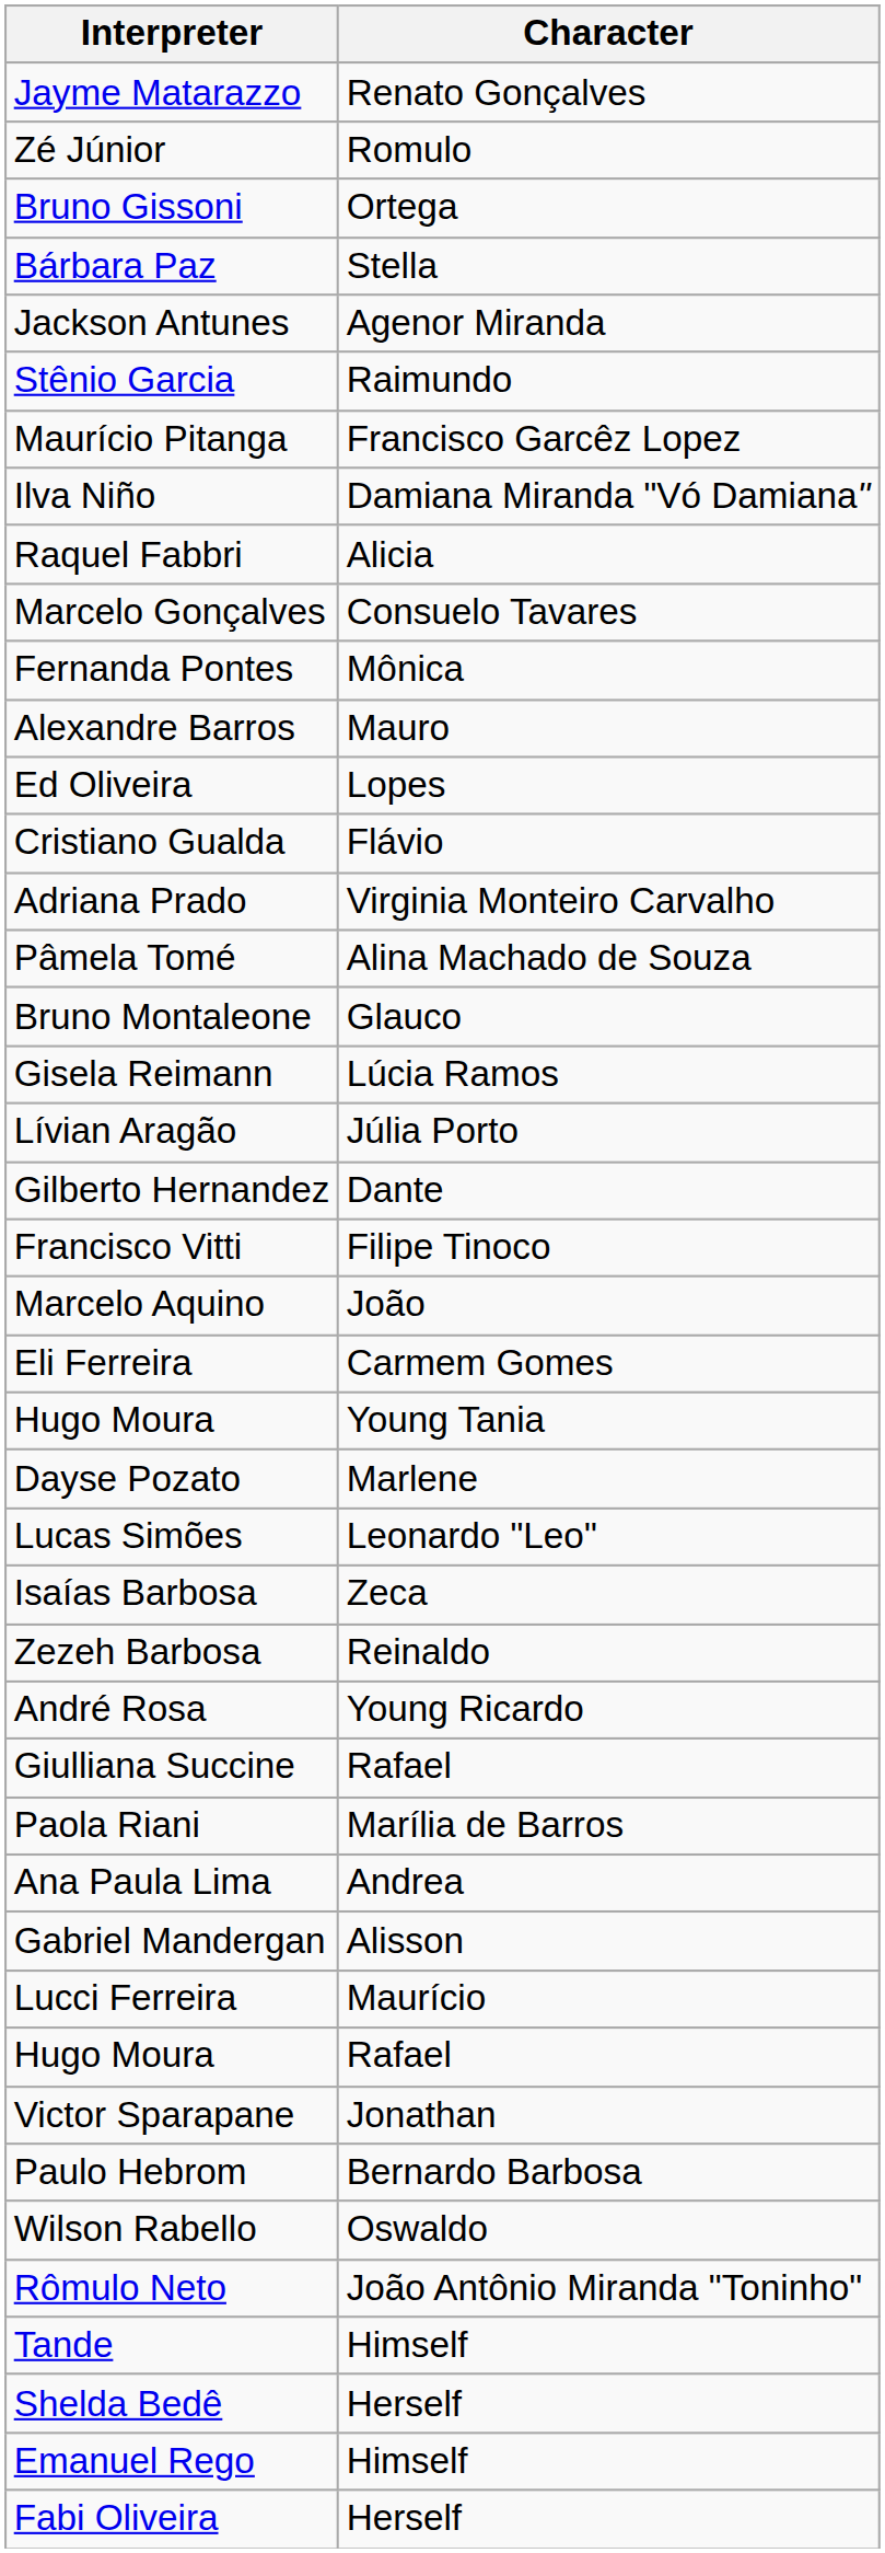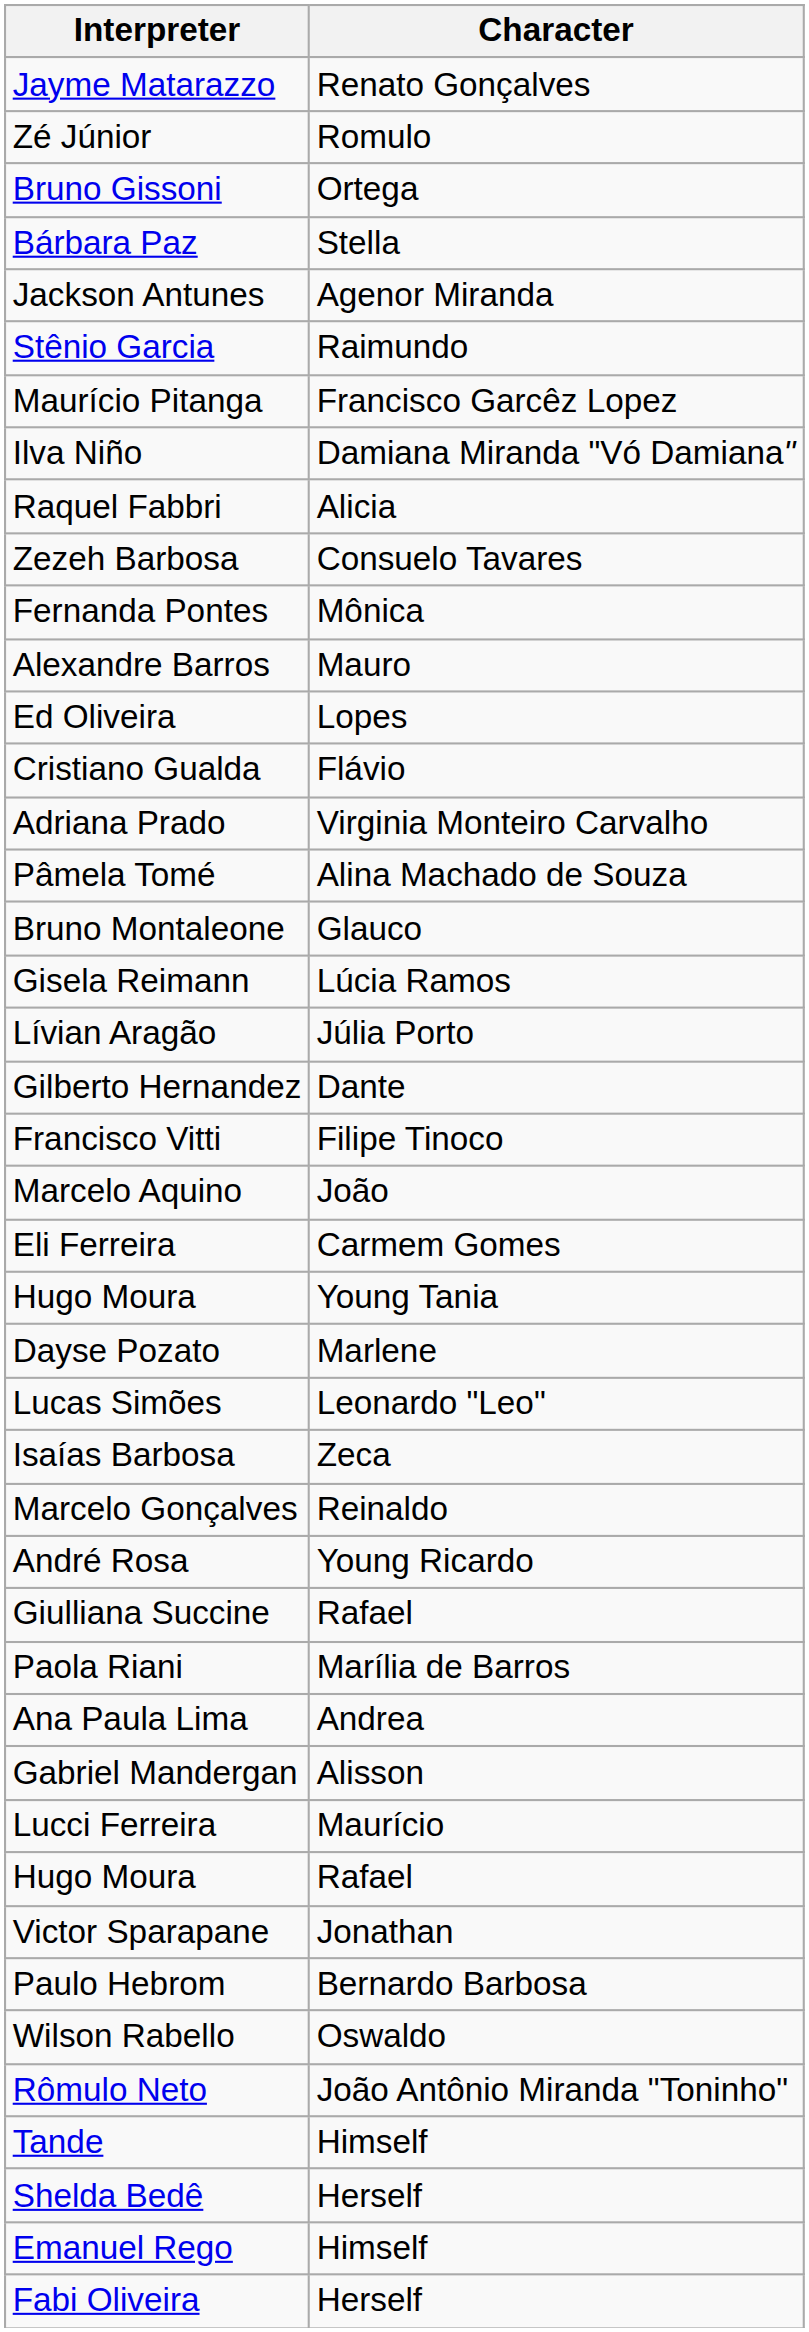 <table class="wikitable">
 <tr>
 <th>Interpreter</th>
 <th>Character</th>
 </tr>
 <tr>
 <td><a href='#'>Jayme Matarazzo</a></td>
 <td>Renato Gonçalves</td>
 </tr>
 <tr>
 <td>Zé Júnior</td>
 <td>Romulo</td>
 </tr>
 <tr>
 <td><a href='#'>Bruno Gissoni</a></td>
 <td>Ortega</td>
 </tr>
 <tr>
 <td><a href='#'>Bárbara Paz</a></td>
 <td>Stella</td>
 </tr>
 <tr>
 <td>Jackson Antunes</td>
 <td>Agenor Miranda</td>
 </tr>
 <tr>
 <td><a href='#'>Stênio Garcia</a></td>
 <td>Raimundo</td>
 </tr>
 <tr>
 <td>Maurício Pitanga</td>
 <td>Francisco Garcêz Lopez</td>
 </tr>
 <tr>
 <td>Ilva Niño</td>
 <td>Damiana Miranda "Vó Damiana<em>"</em></td>
 </tr>
 <tr>
 <td>Raquel Fabbri</td>
 <td>Alicia</td>
 </tr>
 <tr>
-<td>Marcelo Gonçalves</td>
+<td>Zezeh Barbosa</td>
 <td>Consuelo Tavares</td>
 </tr>
 <tr>
 <td>Fernanda Pontes</td>
 <td>Mônica</td>
 </tr>
 <tr>
 <td>Alexandre Barros</td>
 <td>Mauro</td>
 </tr>
 <tr>
 <td>Ed Oliveira</td>
 <td>Lopes</td>
 </tr>
 <tr>
 <td>Cristiano Gualda</td>
 <td>Flávio</td>
 </tr>
 <tr>
 <td>Adriana Prado</td>
 <td>Virginia Monteiro Carvalho</td>
 </tr>
 <tr>
 <td>Pâmela Tomé</td>
 <td>Alina Machado de Souza</td>
 </tr>
 <tr>
 <td>Bruno Montaleone</td>
 <td>Glauco</td>
 </tr>
 <tr>
 <td>Gisela Reimann</td>
 <td>Lúcia Ramos</td>
 </tr>
 <tr>
 <td>Lívian Aragão</td>
 <td>Júlia Porto</td>
 </tr>
 <tr>
 <td>Gilberto Hernandez</td>
 <td>Dante</td>
 </tr>
 <tr>
 <td>Francisco Vitti</td>
 <td>Filipe Tinoco</td>
 </tr>
 <tr>
 <td>Marcelo Aquino</td>
 <td>João</td>
 </tr>
 <tr>
 <td>Eli Ferreira</td>
 <td>Carmem Gomes</td>
 </tr>
 <tr>
 <td>Hugo Moura</td>
 <td>Young Tania</td>
 </tr>
 <tr>
 <td>Dayse Pozato</td>
 <td>Marlene</td>
 </tr>
 <tr>
 <td>Lucas Simões</td>
 <td>Leonardo "Leo"</td>
 </tr>
 <tr>
 <td>Isaías Barbosa</td>
 <td>Zeca</td>
 </tr>
 <tr>
-<td>Zezeh Barbosa</td>
+<td>Marcelo Gonçalves</td>
 <td>Reinaldo</td>
 </tr>
 <tr>
 <td>André Rosa</td>
 <td>Young Ricardo</td>
 </tr>
 <tr>
 <td>Giulliana Succine</td>
 <td>Rafael</td>
 </tr>
 <tr>
 <td>Paola Riani</td>
 <td>Marília de Barros</td>
 </tr>
 <tr>
 <td>Ana Paula Lima</td>
 <td>Andrea</td>
 </tr>
 <tr>
 <td>Gabriel Mandergan</td>
 <td>Alisson</td>
 </tr>
 <tr>
 <td>Lucci Ferreira</td>
 <td>Maurício</td>
 </tr>
 <tr>
 <td>Hugo Moura</td>
 <td>Rafael</td>
 </tr>
 <tr>
 <td>Victor Sparapane</td>
 <td>Jonathan</td>
 </tr>
 <tr>
 <td>Paulo Hebrom</td>
 <td>Bernardo Barbosa</td>
 </tr>
 <tr>
 <td>Wilson Rabello</td>
 <td>Oswaldo</td>
 </tr>
 <tr>
 <td><a href='#'>Rômulo Neto</a></td>
 <td>João Antônio Miranda "Toninho"</td>
 </tr>
 <tr>
 <td><a href='#'>Tande</a></td>
 <td>Himself</td>
 </tr>
 <tr>
 <td><a href='#'>Shelda Bedê</a></td>
 <td>Herself</td>
 </tr>
 <tr>
 <td><a href='#'>Emanuel Rego</a></td>
 <td>Himself</td>
 </tr>
 <tr>
 <td><a href='#'>Fabi Oliveira</a></td>
 <td>Herself</td>
 </tr>
 </table>
